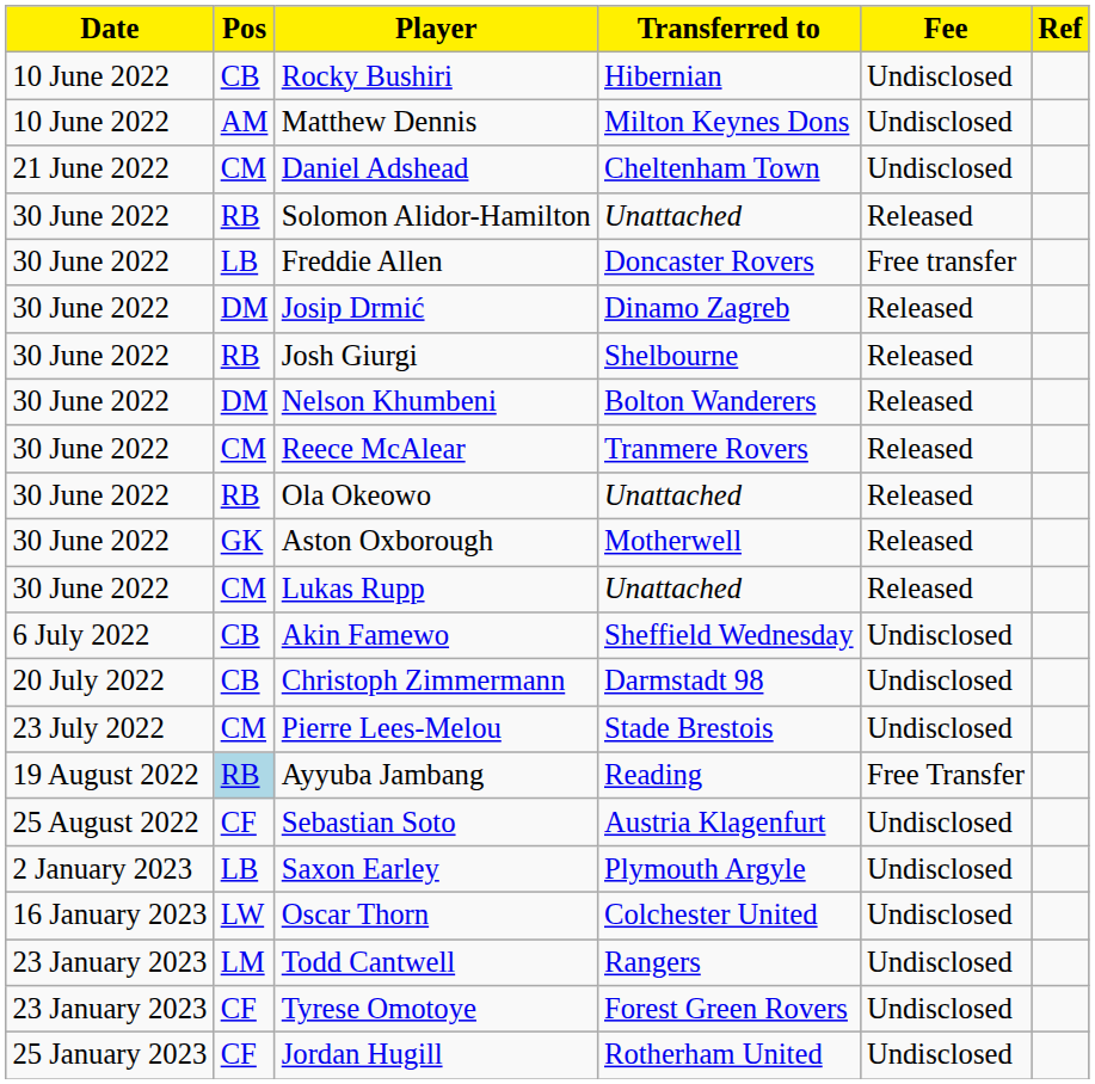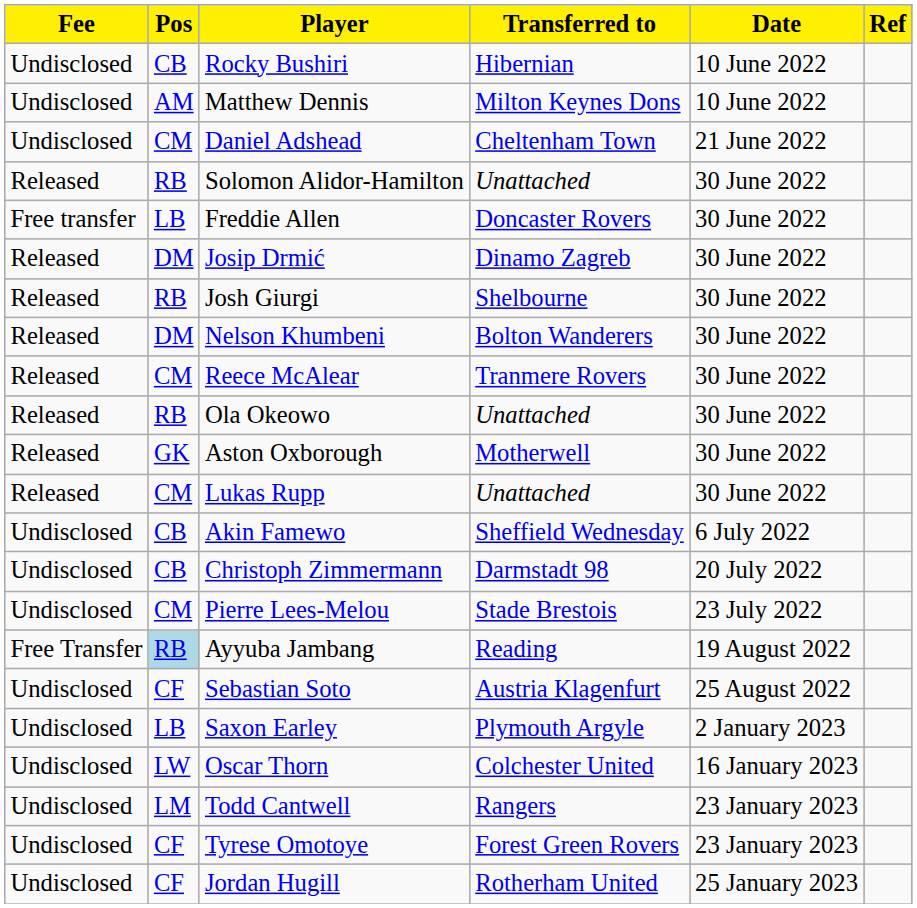 <table class="wikitable plainrowheaders sortable">
 <tr>
-<th style="background:#FFF000; color:#000000; ">Date</th>
+<th style="background:#FFF000; color:#000000; ">Fee</th>
 <th style="background:#FFF000; color:#000000; ">Pos</th>
 <th style="background:#FFF000; color:#000000; ">Player</th>
 <th style="background:#FFF000; color:#000000; ">Transferred to</th>
-<th style="background:#FFF000; color:#000000; ">Fee</th>
+<th style="background:#FFF000; color:#000000; ">Date</th>
 <th style="background:#FFF000; color:#000000; ">Ref</th>
 </tr>
 <tr>
-<td>10 June 2022</td>
+<td>Undisclosed</td>
 <td><a href='#'>CB</a></td>
 <td> <a href='#'>Rocky Bushiri</a></td>
 <td> <a href='#'>Hibernian</a></td>
-<td>Undisclosed</td>
+<td>10 June 2022</td>
 <td></td>
 </tr>
 <tr>
-<td>10 June 2022</td>
+<td>Undisclosed</td>
 <td><a href='#'>AM</a></td>
 <td> Matthew Dennis</td>
 <td> <a href='#'>Milton Keynes Dons</a></td>
-<td>Undisclosed</td>
+<td>10 June 2022</td>
 <td></td>
 </tr>
 <tr>
-<td>21 June 2022</td>
+<td>Undisclosed</td>
 <td><a href='#'>CM</a></td>
 <td> <a href='#'>Daniel Adshead</a></td>
 <td> <a href='#'>Cheltenham Town</a></td>
-<td>Undisclosed</td>
+<td>21 June 2022</td>
 <td></td>
 </tr>
 <tr>
-<td>30 June 2022</td>
+<td>Released</td>
 <td><a href='#'>RB</a></td>
 <td> Solomon Alidor-Hamilton</td>
 <td> <em>Unattached</em></td>
-<td>Released</td>
+<td>30 June 2022</td>
 <td></td>
 </tr>
 <tr>
-<td>30 June 2022</td>
+<td>Free transfer</td>
 <td><a href='#'>LB</a></td>
 <td> Freddie Allen</td>
 <td> <a href='#'>Doncaster Rovers</a></td>
-<td>Free transfer</td>
+<td>30 June 2022</td>
 <td></td>
 </tr>
 <tr>
-<td>30 June 2022</td>
+<td>Released</td>
 <td><a href='#'>DM</a></td>
 <td> <a href='#'>Josip Drmić</a></td>
 <td> <a href='#'>Dinamo Zagreb</a></td>
-<td>Released</td>
+<td>30 June 2022</td>
 <td></td>
 </tr>
 <tr>
-<td>30 June 2022</td>
+<td>Released</td>
 <td><a href='#'>RB</a></td>
 <td> Josh Giurgi</td>
 <td> <a href='#'>Shelbourne</a></td>
-<td>Released</td>
+<td>30 June 2022</td>
 <td></td>
 </tr>
 <tr>
-<td>30 June 2022</td>
+<td>Released</td>
 <td><a href='#'>DM</a></td>
 <td> <a href='#'>Nelson Khumbeni</a></td>
 <td> <a href='#'>Bolton Wanderers</a></td>
-<td>Released</td>
+<td>30 June 2022</td>
 <td></td>
 </tr>
 <tr>
-<td>30 June 2022</td>
+<td>Released</td>
 <td><a href='#'>CM</a></td>
 <td> <a href='#'>Reece McAlear</a></td>
 <td> <a href='#'>Tranmere Rovers</a></td>
-<td>Released</td>
+<td>30 June 2022</td>
 <td></td>
 </tr>
 <tr>
-<td>30 June 2022</td>
+<td>Released</td>
 <td><a href='#'>RB</a></td>
 <td> Ola Okeowo</td>
 <td> <em>Unattached</em></td>
-<td>Released</td>
+<td>30 June 2022</td>
 <td></td>
 </tr>
 <tr>
-<td>30 June 2022</td>
+<td>Released</td>
 <td><a href='#'>GK</a></td>
 <td> Aston Oxborough</td>
 <td> <a href='#'>Motherwell</a></td>
-<td>Released</td>
+<td>30 June 2022</td>
 <td></td>
 </tr>
 <tr>
-<td>30 June 2022</td>
+<td>Released</td>
 <td><a href='#'>CM</a></td>
 <td> <a href='#'>Lukas Rupp</a></td>
 <td> <em>Unattached</em></td>
-<td>Released</td>
+<td>30 June 2022</td>
 <td></td>
 </tr>
 <tr>
-<td>6 July 2022</td>
+<td>Undisclosed</td>
 <td><a href='#'>CB</a></td>
 <td> <a href='#'>Akin Famewo</a></td>
 <td> <a href='#'>Sheffield Wednesday</a></td>
-<td>Undisclosed</td>
+<td>6 July 2022</td>
 <td></td>
 </tr>
 <tr>
-<td>20 July 2022</td>
+<td>Undisclosed</td>
 <td><a href='#'>CB</a></td>
 <td> <a href='#'>Christoph Zimmermann</a></td>
 <td> <a href='#'>Darmstadt 98</a></td>
-<td>Undisclosed</td>
+<td>20 July 2022</td>
 <td></td>
 </tr>
 <tr>
-<td>23 July 2022</td>
+<td>Undisclosed</td>
 <td><a href='#'>CM</a></td>
 <td> <a href='#'>Pierre Lees-Melou</a></td>
 <td> <a href='#'>Stade Brestois</a></td>
-<td>Undisclosed</td>
+<td>23 July 2022</td>
 <td></td>
 </tr>
 <tr>
-<td>19 August 2022</td>
+<td>Free Transfer</td>
 <td style="background: lightblue;"><a href='#'>RB</a></td>
 <td> Ayyuba Jambang</td>
 <td> <a href='#'>Reading</a></td>
-<td>Free Transfer</td>
+<td>19 August 2022</td>
 <td></td>
 </tr>
 <tr>
-<td>25 August 2022</td>
+<td>Undisclosed</td>
 <td><a href='#'>CF</a></td>
 <td> <a href='#'>Sebastian Soto</a></td>
 <td> <a href='#'>Austria Klagenfurt</a></td>
-<td>Undisclosed</td>
+<td>25 August 2022</td>
 <td></td>
 </tr>
 <tr>
-<td>2 January 2023</td>
+<td>Undisclosed</td>
 <td><a href='#'>LB</a></td>
 <td> <a href='#'>Saxon Earley</a></td>
 <td> <a href='#'>Plymouth Argyle</a></td>
-<td>Undisclosed</td>
+<td>2 January 2023</td>
 <td></td>
 </tr>
 <tr>
-<td>16 January 2023</td>
+<td>Undisclosed</td>
 <td><a href='#'>LW</a></td>
 <td> <a href='#'>Oscar Thorn</a></td>
 <td> <a href='#'>Colchester United</a></td>
-<td>Undisclosed</td>
+<td>16 January 2023</td>
 <td></td>
 </tr>
 <tr>
-<td>23 January 2023</td>
+<td>Undisclosed</td>
 <td><a href='#'>LM</a></td>
 <td> <a href='#'>Todd Cantwell</a></td>
 <td> <a href='#'>Rangers</a></td>
-<td>Undisclosed</td>
+<td>23 January 2023</td>
 <td></td>
 </tr>
 <tr>
-<td>23 January 2023</td>
+<td>Undisclosed</td>
 <td><a href='#'>CF</a></td>
 <td> <a href='#'>Tyrese Omotoye</a></td>
 <td> <a href='#'>Forest Green Rovers</a></td>
-<td>Undisclosed</td>
+<td>23 January 2023</td>
 <td></td>
 </tr>
 <tr>
-<td>25 January 2023</td>
+<td>Undisclosed</td>
 <td><a href='#'>CF</a></td>
 <td> <a href='#'>Jordan Hugill</a></td>
 <td> <a href='#'>Rotherham United</a></td>
-<td>Undisclosed</td>
+<td>25 January 2023</td>
 <td></td>
 </tr>
 </table>
